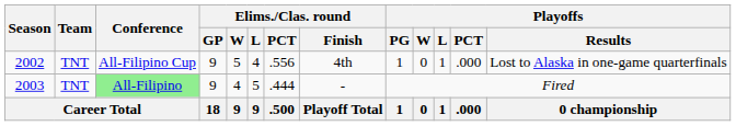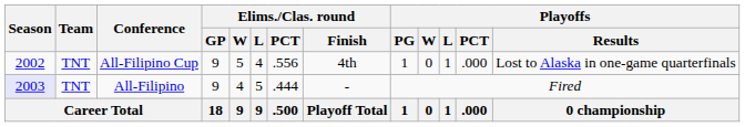 <table class="wikitable" style="text-align:center">
 <tr>
 <th rowspan="2">Season</th>
 <th rowspan="2">Team</th>
 <th rowspan="2">Conference</th>
 <th colspan="5">Elims./Clas. round</th>
 <th colspan="5">Playoffs</th>
 </tr>
 <tr>
 <th>GP</th>
 <th>W</th>
 <th>L</th>
 <th>PCT</th>
 <th>Finish</th>
 <th>PG</th>
 <th>W</th>
 <th>L</th>
 <th>PCT</th>
 <th>Results</th>
 </tr>
 <tr>
 <td><a href='#'>2002</a></td>
 <td><a href='#'>TNT</a></td>
 <td><a href='#'>All-Filipino Cup</a></td>
 <td>9</td>
 <td>5</td>
 <td>4</td>
 <td>.556</td>
 <td>4th</td>
 <td>1</td>
 <td>0</td>
 <td>1</td>
 <td>.000</td>
 <td>Lost to <a href='#'>Alaska</a> in one-game quarterfinals</td>
 </tr>
 <tr>
-<td><a href='#'>2003</a></td>
+<td style="background: lavender;"><a href='#'>2003</a></td>
 <td><a href='#'>TNT</a></td>
-<td style="background: lightgreen;"><a href='#'>All-Filipino</a></td>
+<td><a href='#'>All-Filipino</a></td>
 <td>9</td>
 <td>4</td>
 <td>5</td>
 <td>.444</td>
 <td>-</td>
 <td colspan="5"><em>Fired</em></td>
 </tr>
 <tr>
 <th colspan="3"><strong>Career Total</strong></th>
 <th><strong>18</strong></th>
 <th><strong>9</strong></th>
 <th><strong>9</strong></th>
 <th><strong>.500</strong></th>
 <th>Playoff Total</th>
 <th><strong>1</strong></th>
 <th><strong>0</strong></th>
 <th><strong>1</strong></th>
 <th><strong>.000</strong></th>
 <th><strong>0 championship</strong></th>
 </tr>
 </table>
